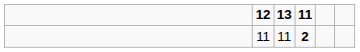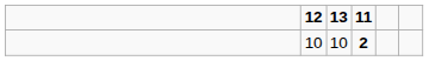 <table class="wikitable">
 <tr>
 <td style="width:18em"><strong></strong></td>
 <td align=center style="width:1em"><strong>12</strong></td>
 <td align=center style="width:1em"><strong>13</strong></td>
 <td align=center style="width:1em"><strong>11</strong></td>
 <td align=center style="width:1em"></td>
 <td align=center style="width:1em"></td>
 </tr>
 <tr>
 <td style="width:18em"></td>
-<td align=center style="width:1em">11</td>
-<td align=center style="width:1em">11</td>
+<td align=center style="width:1em">10</td>
+<td align=center style="width:1em">10</td>
 <td align=center style="width:1em"><strong>2</strong></td>
 <td align=center style="width:1em"></td>
 <td align=center style="width:1em"></td>
 </tr>
 </table>
